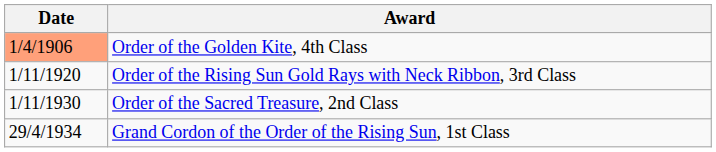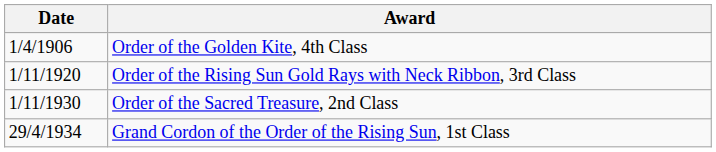 <table class="wikitable" width="50%">
 <tr>
 <th>Date</th>
 <th>Award</th>
 </tr>
 <tr>
-<td style="background: lightsalmon;">1/4/1906</td>
+<td>1/4/1906</td>
 <td> <a href='#'>Order of the Golden Kite</a>, 4th Class</td>
 </tr>
 <tr>
 <td>1/11/1920</td>
 <td> <a href='#'>Order of the Rising Sun Gold Rays with Neck Ribbon</a>, 3rd Class</td>
 </tr>
 <tr>
 <td>1/11/1930</td>
 <td>  <a href='#'>Order of the Sacred Treasure</a>, 2nd Class</td>
 </tr>
 <tr>
 <td>29/4/1934</td>
 <td> <a href='#'>Grand Cordon of the Order of the Rising Sun</a>,  1st Class</td>
 </tr>
 </table>
